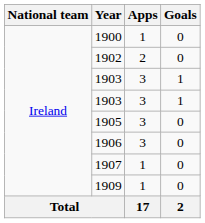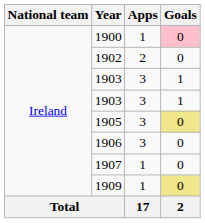 <table class="wikitable" style="text-align: center;">
 <tr>
 <th>National team</th>
 <th>Year</th>
 <th>Apps</th>
 <th>Goals</th>
 </tr>
 <tr>
 <td rowspan="8"><a href='#'>Ireland</a></td>
 <td>1900</td>
 <td>1</td>
-<td>0</td>
+<td style="background: pink;">0</td>
 </tr>
 <tr>
 <td>1902</td>
 <td>2</td>
 <td>0</td>
 </tr>
 <tr>
 <td>1903</td>
 <td>3</td>
 <td>1</td>
 </tr>
 <tr>
 <td>1903</td>
 <td>3</td>
 <td>1</td>
 </tr>
 <tr>
 <td>1905</td>
 <td>3</td>
-<td>0</td>
+<td style="background: khaki;">0</td>
 </tr>
 <tr>
 <td>1906</td>
 <td>3</td>
 <td>0</td>
 </tr>
 <tr>
 <td>1907</td>
 <td>1</td>
 <td>0</td>
 </tr>
 <tr>
 <td>1909</td>
 <td>1</td>
-<td>0</td>
+<td style="background: khaki;">0</td>
 </tr>
 <tr>
 <th colspan="2">Total</th>
 <th>17</th>
 <th>2</th>
 </tr>
 </table>
